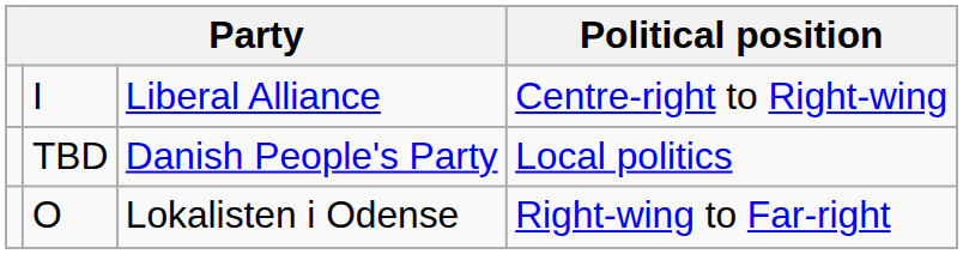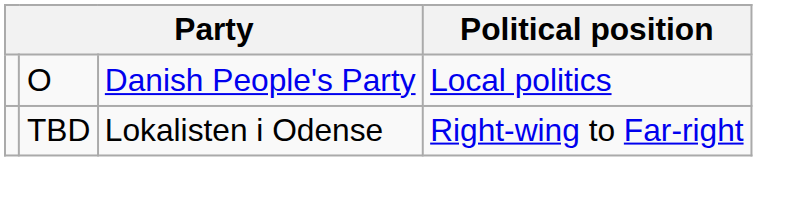 <table class="wikitable">
 <tr>
 <th colspan="3">Party</th>
 <th>Political position</th>
 </tr>
 <tr>
 <td></td>
-<td>I</td>
-<td><a href='#'>Liberal Alliance</a></td>
-<td><a href='#'>Centre-right</a> to <a href='#'>Right-wing</a></td>
-</tr>
-<tr>
-<td></td>
-<td>TBD</td>
+<td>O</td>
 <td><a href='#'>Danish People's Party</a></td>
 <td><a href='#'>Local politics</a></td>
 </tr>
 <tr>
 <td></td>
-<td>O</td>
+<td>TBD</td>
 <td>Lokalisten i Odense</td>
 <td><a href='#'>Right-wing</a> to  <a href='#'>Far-right</a></td>
 </tr>
 </table>
